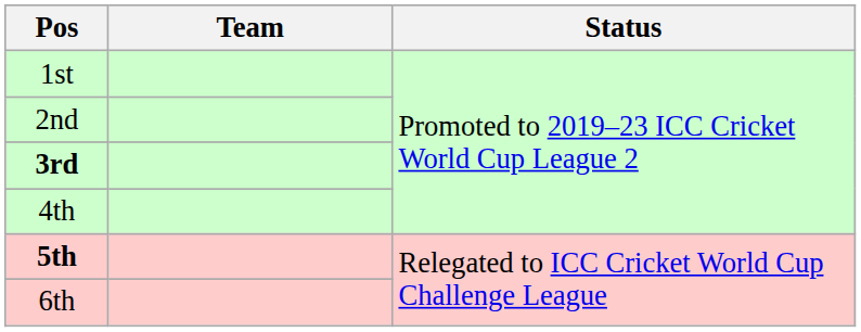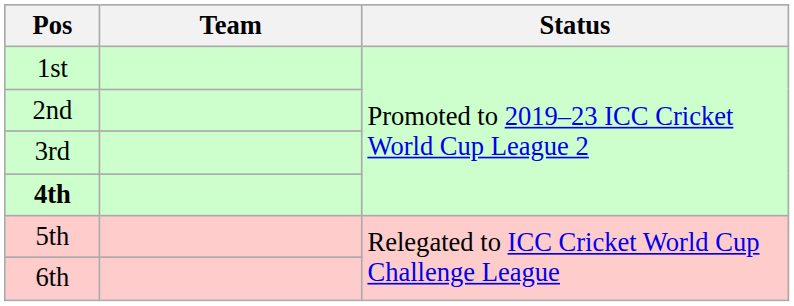 <table class="wikitable">
 <tr>
 <th width=50>Pos</th>
 <th width=150>Team</th>
 <th width=250>Status</th>
 </tr>
 <tr style="background:#cfc">
 <td align="center">1st</td>
 <td></td>
 <td rowspan=4>Promoted to <a href='#'>2019–23 ICC Cricket World Cup League 2</a></td>
 </tr>
 <tr style="background:#cfc">
 <td align="center">2nd</td>
 <td></td>
 </tr>
 <tr style="background:#cfc">
-<td align="center"><strong>3rd</strong></td>
+<td align="center">3rd</td>
 <td></td>
 </tr>
 <tr style="background:#cfc">
-<td align="center">4th</td>
+<td align="center"><strong>4th</strong></td>
 <td></td>
 </tr>
 <tr style="background:#fcc">
-<td align="center"><strong>5th</strong></td>
+<td align="center">5th</td>
 <td></td>
 <td rowspan=2>Relegated to <a href='#'>ICC Cricket World Cup Challenge League</a></td>
 </tr>
 <tr style="background:#fcc">
 <td align="center">6th</td>
 <td></td>
 </tr>
 </table>
